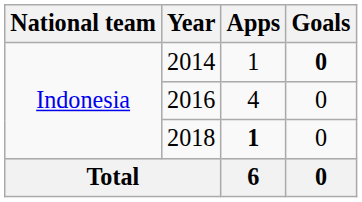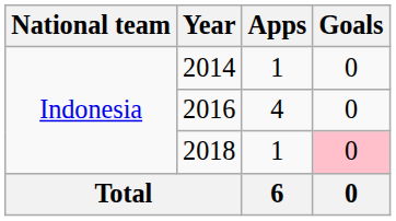 <table class="wikitable" style="text-align:center">
 <tr>
 <th>National team</th>
 <th>Year</th>
 <th>Apps</th>
 <th>Goals</th>
 </tr>
 <tr>
 <td rowspan=3><a href='#'>Indonesia</a></td>
 <td>2014</td>
 <td>1</td>
-<td><strong>0</strong></td>
+<td>0</td>
 </tr>
 <tr>
 <td>2016</td>
 <td>4</td>
 <td>0</td>
 </tr>
 <tr>
 <td>2018</td>
-<td><strong>1</strong></td>
-<td>0</td>
+<td>1</td>
+<td style="background: pink;">0</td>
 </tr>
 <tr>
 <th colspan=2>Total</th>
 <th>6</th>
 <th>0</th>
 </tr>
 </table>
